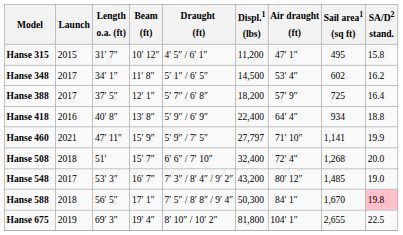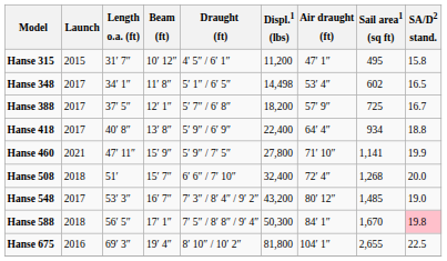 <table class="wikitable" style="text-align:center;font-size:85%;line-height:170%;">
 <tr>
 <td style="width: 50pt;background: #f2f2f2"><strong>Model</strong></td>
 <td style="width: 35pt;background: #f2f2f2"><strong>Launch</strong></td>
 <td style="width: 35pt;background: #f2f2f2"><strong>Length<br>o.a. (ft)</strong></td>
 <td style="width: 30pt;background: #f2f2f2"><strong>Beam (ft)</strong></td>
 <td style="width: 70pt;background: #f2f2f2"><strong>Draught <br>(ft)</strong></td>
 <td style="width: 30pt;background: #f2f2f2"><strong>Displ.<sup>1</sup><br>(lbs)</strong></td>
 <td style="width: 40pt;background: #f2f2f2"><strong>Air draught (ft)</strong></td>
 <td style="width: 30pt;background: #f2f2f2"><strong>Sail area<sup>1</sup><br>(sq ft)</strong></td>
 <td style="width: 30pt;background: #f2f2f2"><strong>SA/D<sup>2</sup><br>stand.</strong></td>
 </tr>
 <tr>
 <td style="text-align:left"><strong>Hanse 315</strong></td>
 <td style="text-align:left">2015</td>
 <td style="text-align:left">31′ 7″</td>
 <td style="text-align:left">10′ 12″</td>
 <td style="text-align:left">4' 5″ / 6′ 1″</td>
 <td style="text-align:left">11,200</td>
 <td style="text-align:left">  47′ 1″</td>
 <td style="text-align:left">   495</td>
 <td style="text-align:left">15.8</td>
 </tr>
 <tr>
 <td style="text-align:left"><strong>Hanse 348</strong></td>
 <td style="text-align:left">2017</td>
 <td style="text-align:left">34′ 1″</td>
 <td style="text-align:left">11′ 8″</td>
 <td style="text-align:left">5′ 1″ / 6′ 5″</td>
-<td style="text-align:left">14,500</td>
+<td style="text-align:left">14,498</td>
 <td style="text-align:left">  53′ 4″</td>
 <td style="text-align:left">   602</td>
-<td style="text-align:left">16.2</td>
+<td style="text-align:left">16.5</td>
 </tr>
 <tr>
 <td style="text-align:left"><strong>Hanse 388</strong></td>
 <td style="text-align:left">2017</td>
 <td style="text-align:left">37′ 5″</td>
 <td style="text-align:left">12′ 1″</td>
 <td style="text-align:left">5′ 7″ / 6′ 8″</td>
 <td style="text-align:left">18,200</td>
 <td style="text-align:left">  57′ 9″</td>
 <td style="text-align:left">   725</td>
-<td style="text-align:left">16.4</td>
+<td style="text-align:left">16.7</td>
 </tr>
 <tr>
 <td style="text-align:left"><strong>Hanse 418</strong></td>
-<td style="text-align:left">2016</td>
+<td style="text-align:left">2017</td>
 <td style="text-align:left">40′ 8″</td>
 <td style="text-align:left">13′ 8″</td>
 <td style="text-align:left">5′ 9″ / 6′ 9″</td>
 <td style="text-align:left">22,400</td>
 <td style="text-align:left">  64′ 4″</td>
 <td style="text-align:left">   934</td>
 <td style="text-align:left">18.8</td>
 </tr>
 <tr>
 <td style="text-align:left"><strong>Hanse 460</strong></td>
 <td style="text-align:left">2021</td>
 <td style="text-align:left">47′ 11″</td>
 <td style="text-align:left">15′ 9″</td>
 <td style="text-align:left">5′ 9″ / 7′ 5″</td>
-<td style="text-align:left">27,797</td>
+<td style="text-align:left">27,800</td>
 <td style="text-align:left">  71′ 10″</td>
 <td style="text-align:left">1,141</td>
 <td style="text-align:left">19.9</td>
 </tr>
 <tr>
 <td style="text-align:left"><strong>Hanse 508</strong></td>
 <td style="text-align:left">2018</td>
 <td style="text-align:left">51′</td>
 <td style="text-align:left">15′ 7″</td>
 <td style="text-align:left">6′ 6″ / 7′ 10″</td>
 <td style="text-align:left">32,400</td>
 <td style="text-align:left">  72′ 4″</td>
 <td style="text-align:left">1,268</td>
 <td style="text-align:left">20.0</td>
 </tr>
 <tr>
 <td style="text-align:left"><strong>Hanse 548</strong></td>
 <td style="text-align:left">2017</td>
 <td style="text-align:left">53′ 3″</td>
 <td style="text-align:left">16′ 7″</td>
 <td style="text-align:left">7′ 3″ / 8′ 4″ / 9′ 2″</td>
 <td style="text-align:left">43,200</td>
 <td style="text-align:left">  80′ 12″</td>
 <td style="text-align:left">1,485</td>
 <td style="text-align:left">19.0</td>
 </tr>
 <tr>
 <td style="text-align:left"><strong>Hanse 588</strong></td>
 <td style="text-align:left">2018</td>
 <td style="text-align:left">56′ 5″</td>
 <td style="text-align:left">17′ 1″</td>
 <td style="text-align:left">7′ 5″ / 8′ 8″ / 9′ 4″</td>
 <td style="text-align:left">50,300</td>
 <td style="text-align:left">  84′ 1″</td>
 <td style="text-align:left">1,670</td>
 <td style="background: pink; text-align:left">19.8</td>
 </tr>
 <tr>
 <td style="text-align:left"><strong>Hanse 675</strong></td>
-<td style="text-align:left">2019</td>
+<td style="text-align:left">2016</td>
 <td style="text-align:left">69′ 3″</td>
 <td style="text-align:left">19′ 4″</td>
 <td style="text-align:left">8′ 10″ / 10′ 2″</td>
 <td style="text-align:left">81,800</td>
 <td style="text-align:left">104′ 1″</td>
 <td style="text-align:left">2,655</td>
 <td style="text-align:left">22.5</td>
 </tr>
 <tr>
 </tr>
 </table>
